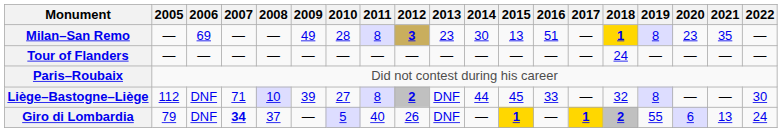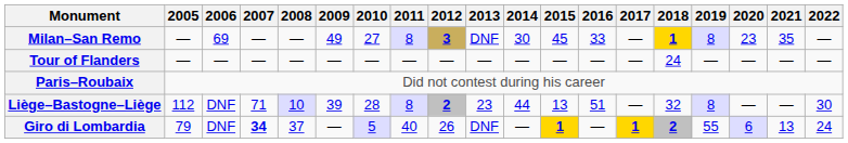 <table class="wikitable plainrowheaders">
 <tr>
 <th scope="col">Monument</th>
 <th scope="col">2005</th>
 <th scope="col">2006</th>
 <th scope="col">2007</th>
 <th scope="col">2008</th>
 <th scope="col">2009</th>
 <th scope="col">2010</th>
 <th scope="col">2011</th>
 <th scope="col">2012</th>
 <th scope="col">2013</th>
 <th scope="col">2014</th>
 <th scope="col">2015</th>
 <th scope="col">2016</th>
 <th scope="col">2017</th>
 <th scope="col">2018</th>
 <th scope="col">2019</th>
 <th scope="col">2020</th>
 <th scope="col">2021</th>
 <th scope="col">2022</th>
 </tr>
 <tr style="text-align:center;">
 <th scope="row"><a href='#'>Milan–San Remo</a></th>
 <td>—</td>
 <td><a href='#'>69</a></td>
 <td>—</td>
 <td>—</td>
 <td><a href='#'>49</a></td>
-<td><a href='#'>28</a></td>
+<td><a href='#'>27</a></td>
 <td style="background:#ddf;"><a href='#'>8</a></td>
 <td style="background:#C9AE5D;"><a href='#'><strong>3</strong></a></td>
-<td><a href='#'>23</a></td>
+<td><a href='#'>DNF</a></td>
 <td><a href='#'>30</a></td>
-<td><a href='#'>13</a></td>
-<td><a href='#'>51</a></td>
+<td><a href='#'>45</a></td>
+<td><a href='#'>33</a></td>
 <td>—</td>
 <td style="background:gold;"><a href='#'><strong>1</strong></a></td>
 <td style="background:#ddf;"><a href='#'>8</a></td>
 <td><a href='#'>23</a></td>
 <td><a href='#'>35</a></td>
 <td>—</td>
 </tr>
 <tr style="text-align:center;">
 <th scope="row"><a href='#'>Tour of Flanders</a></th>
 <td>—</td>
 <td>—</td>
 <td>—</td>
 <td>—</td>
 <td>—</td>
 <td>—</td>
 <td>—</td>
 <td>—</td>
 <td>—</td>
 <td>—</td>
 <td>—</td>
 <td>—</td>
 <td>—</td>
 <td><a href='#'>24</a></td>
 <td>—</td>
 <td>—</td>
 <td>—</td>
 <td>—</td>
 </tr>
 <tr style="text-align:center;">
 <th scope="row"><a href='#'>Paris–Roubaix</a></th>
 <td style="color:#4d4d4d;" colspan=18>Did not contest during his career</td>
 </tr>
 <tr style="text-align:center;">
 <th scope="row"><a href='#'>Liège–Bastogne–Liège</a></th>
 <td><a href='#'>112</a></td>
 <td><a href='#'>DNF</a></td>
 <td><a href='#'>71</a></td>
 <td style="background:#ddf;"><a href='#'>10</a></td>
 <td><a href='#'>39</a></td>
-<td><a href='#'>27</a></td>
+<td><a href='#'>28</a></td>
 <td style="background:#ddf;"><a href='#'>8</a></td>
 <td style="background:#C0C0C0;"><a href='#'><strong>2</strong></a></td>
-<td><a href='#'>DNF</a></td>
+<td><a href='#'>23</a></td>
 <td><a href='#'>44</a></td>
-<td><a href='#'>45</a></td>
-<td><a href='#'>33</a></td>
+<td><a href='#'>13</a></td>
+<td><a href='#'>51</a></td>
 <td>—</td>
 <td><a href='#'>32</a></td>
 <td style="background:#ddf;"><a href='#'>8</a></td>
 <td>—</td>
 <td>—</td>
 <td><a href='#'>30</a></td>
 </tr>
 <tr style="text-align:center;">
 <th scope="row"><a href='#'>Giro di Lombardia</a></th>
 <td><a href='#'>79</a></td>
 <td><a href='#'>DNF</a></td>
 <td><strong><a href='#'>34</a></strong></td>
 <td><a href='#'>37</a></td>
 <td>—</td>
 <td style="background:#ddf;"><a href='#'>5</a></td>
 <td><a href='#'>40</a></td>
 <td><a href='#'>26</a></td>
 <td><a href='#'>DNF</a></td>
 <td>—</td>
 <td style="background:gold;"><a href='#'><strong>1</strong></a></td>
 <td>—</td>
 <td style="background:gold;"><a href='#'><strong>1</strong></a></td>
 <td style="background:#C0C0C0;"><a href='#'><strong>2</strong></a></td>
 <td><a href='#'>55</a></td>
 <td style="background:#ddf;"><a href='#'>6</a></td>
 <td><a href='#'>13</a></td>
 <td><a href='#'>24</a></td>
 </tr>
 </table>
